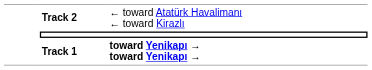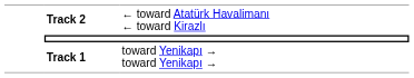 <table table border=0 cellspacing=0 cellpadding=3>
 <tr>
 <td style="border-top:solid 1px gray;border-bottom:solid 1px gray;" width=50 rowspan=3 valign=top></td>
 <td style="border-top:solid 1px gray;" width=100><strong>Track 2</strong></td>
 <td style="border-top:solid 1px gray;" width=400>←  toward <a href='#'>Atatürk Havalimanı</a> <br>←  toward <a href='#'>Kirazlı</a></td>
 </tr>
 <tr>
 <td style="border-top:solid 2px black;border-right:solid 2px black;border-left:solid 2px black;border-bottom:solid 2px black;text-align:center;" colspan=2></td>
 </tr>
 <tr>
 <td style="border-bottom:solid 1px gray;"><strong>Track 1</strong></td>
-<td style="border-bottom:solid 1px gray;"><strong> toward <a href='#'>Yenikapı</a> →<br> toward <a href='#'>Yenikapı</a> →</strong></td>
+<td style="border-bottom:solid 1px gray;"> toward <a href='#'>Yenikapı</a> →<br> toward <a href='#'>Yenikapı</a> →</td>
 </tr>
 </table>
